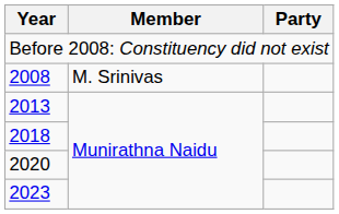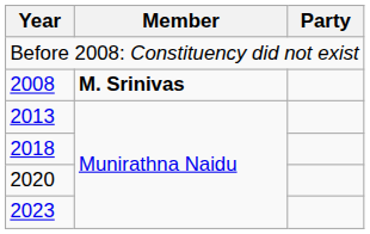 <table class="wikitable sortable">
 <tr>
 <th>Year</th>
 <th>Member</th>
 <th colspan=2>Party</th>
 </tr>
 <tr>
 <td colspan=4>Before 2008: <em>Constituency did not exist</em></td>
 </tr>
 <tr>
 <td><a href='#'>2008</a></td>
-<td>M. Srinivas</td>
+<td><strong>M. Srinivas</strong></td>
 <td></td>
 </tr>
 <tr>
 <td><a href='#'>2013</a></td>
 <td rowspan=4><a href='#'> Munirathna Naidu</a></td>
 <td></td>
 </tr>
 <tr>
 <td><a href='#'>2018</a></td>
 </tr>
 <tr>
 <td>2020</td>
 <td></td>
 </tr>
 <tr>
 <td><a href='#'>2023</a></td>
 </tr>
 </table>
